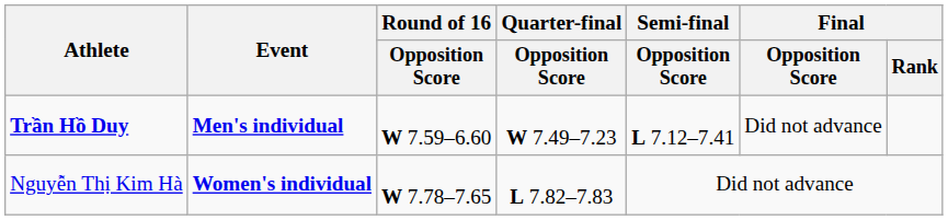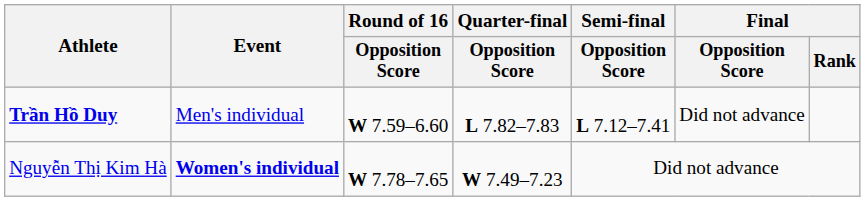 <table class=wikitable style=font-size:90%;text-align:center>
 <tr>
 <th rowspan=2>Athlete</th>
 <th rowspan=2>Event</th>
 <th>Round of 16</th>
 <th>Quarter-final</th>
 <th>Semi-final</th>
 <th colspan=2>Final</th>
 </tr>
 <tr style=font-size:95%>
 <th>Opposition<br>Score</th>
 <th>Opposition<br>Score</th>
 <th>Opposition<br>Score</th>
 <th>Opposition<br>Score</th>
 <th>Rank</th>
 </tr>
 <tr>
 <td align=left><strong><a href='#'>Trần Hồ Duy</a></strong></td>
-<td align=left><strong><a href='#'>Men's individual</a></strong></td>
+<td align=left><a href='#'>Men's individual</a></td>
 <td><br><strong>W</strong> 7.59–6.60</td>
-<td><br><strong>W</strong> 7.49–7.23</td>
+<td><br><strong>L</strong> 7.82–7.83</td>
 <td><br><strong>L</strong> 7.12–7.41</td>
 <td>Did not advance</td>
 <td></td>
 </tr>
 <tr>
 <td align=left><a href='#'>Nguyễn Thị Kim Hà</a></td>
 <td align=left><strong><a href='#'>Women's individual</a></strong></td>
 <td><br><strong>W</strong> 7.78–7.65</td>
-<td><br><strong>L</strong> 7.82–7.83</td>
+<td><br><strong>W</strong> 7.49–7.23</td>
 <td colspan=3>Did not advance</td>
 </tr>
 </table>
